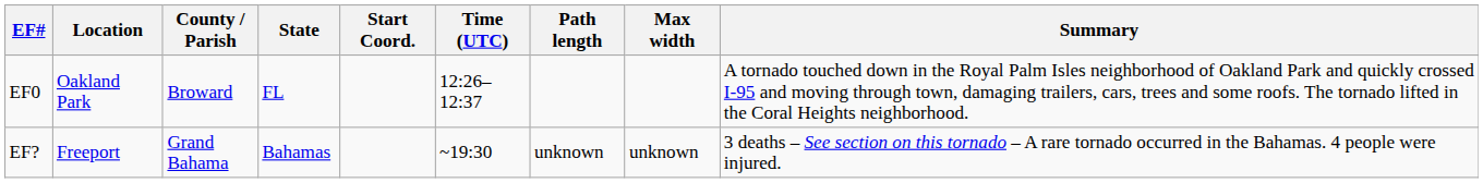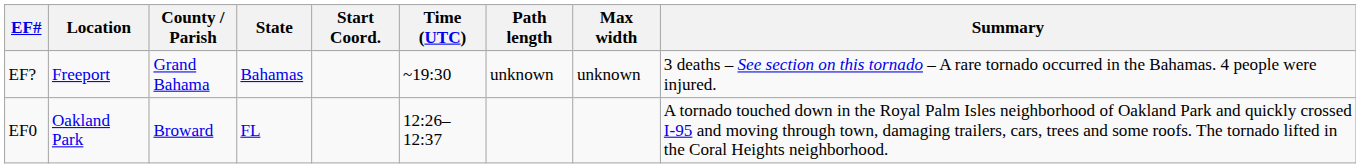 <table class="wikitable sortable" style="width:100%;">
 <tr>
 <th scope="col"  style="width:3%; text-align:center;"><a href='#'>EF#</a></th>
 <th scope="col"  style="width:7%; text-align:center;" class="unsortable">Location</th>
 <th scope="col"  style="width:6%; text-align:center;" class="unsortable">County / Parish</th>
 <th scope="col"  style="width:5%; text-align:center;">State</th>
 <th scope="col"  style="width:6%; text-align:center;">Start Coord.</th>
 <th scope="col"  style="width:6%; text-align:center;">Time (<a href='#'>UTC</a>)</th>
 <th scope="col"  style="width:6%; text-align:center;">Path length</th>
 <th scope="col"  style="width:6%; text-align:center;">Max width</th>
 <th scope="col" class="unsortable" style="width:48%; text-align:center;">Summary</th>
 </tr>
 <tr>
+<td>EF?</td>
+<td><a href='#'>Freeport</a></td>
+<td><a href='#'>Grand Bahama</a></td>
+<td><a href='#'>Bahamas</a></td>
+<td></td>
+<td>~19:30</td>
+<td>unknown</td>
+<td>unknown</td>
+<td>3 deaths – <em><a href='#'>See section on this tornado</a></em> – A rare tornado occurred in the Bahamas. 4 people were injured.</td>
+</tr>
+<tr>
 <td>EF0</td>
 <td><a href='#'>Oakland Park</a></td>
 <td><a href='#'>Broward</a></td>
 <td><a href='#'>FL</a></td>
 <td></td>
 <td>12:26–12:37</td>
 <td></td>
 <td></td>
 <td>A tornado touched down in the Royal Palm Isles neighborhood of Oakland Park and quickly crossed <a href='#'>I-95</a> and moving through town, damaging trailers, cars, trees and some roofs. The tornado lifted in the Coral Heights neighborhood.</td>
 </tr>
-<tr>
-<td>EF?</td>
-<td><a href='#'>Freeport</a></td>
-<td><a href='#'>Grand Bahama</a></td>
-<td><a href='#'>Bahamas</a></td>
-<td></td>
-<td>~19:30</td>
-<td>unknown</td>
-<td>unknown</td>
-<td>3 deaths – <em><a href='#'>See section on this tornado</a></em> – A rare tornado occurred in the Bahamas. 4 people were injured.</td>
-</tr>
 </table>
